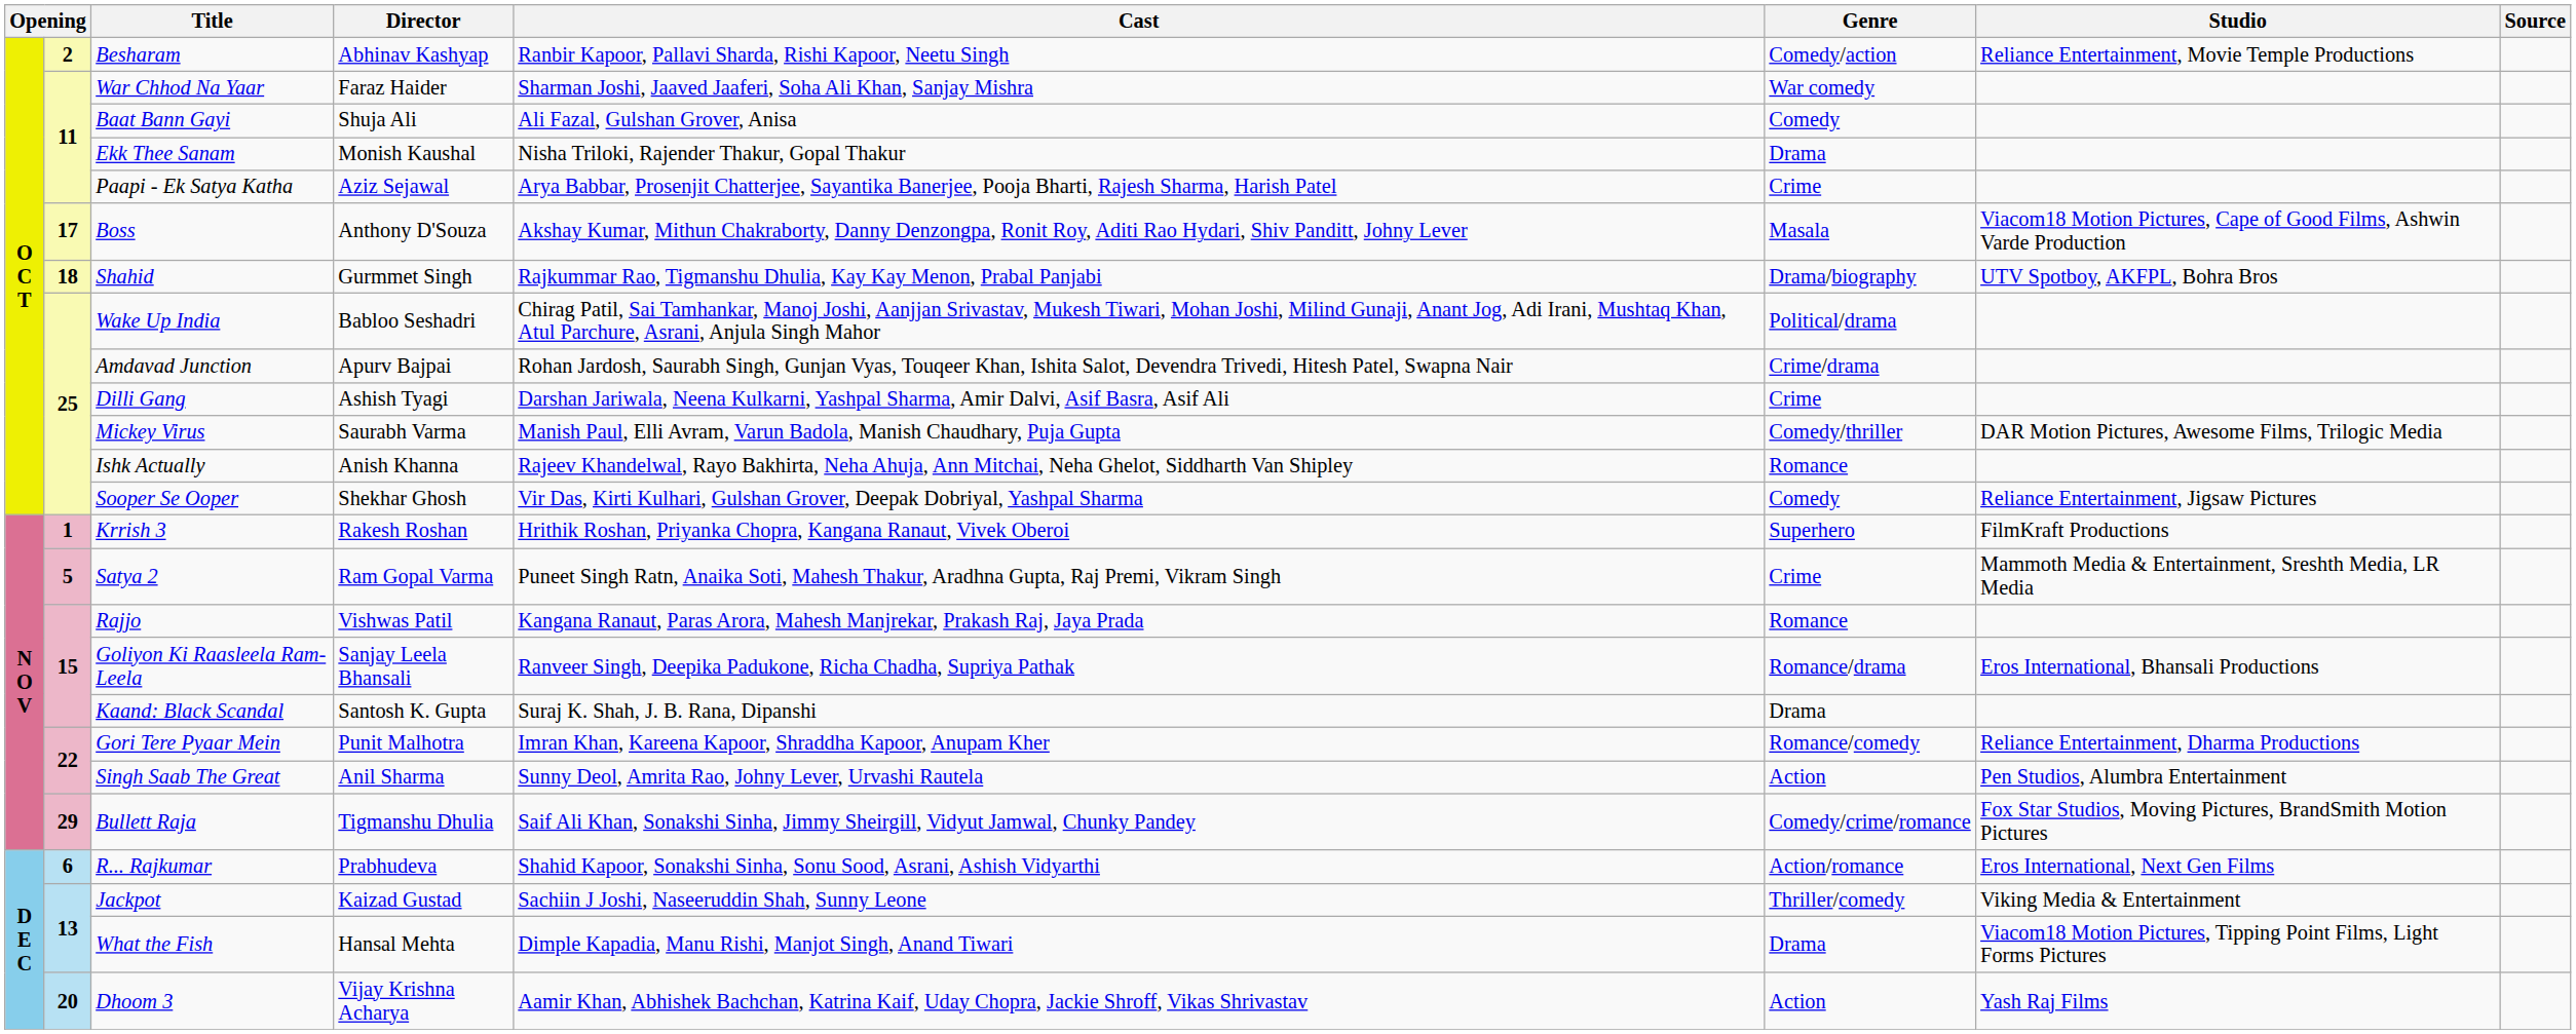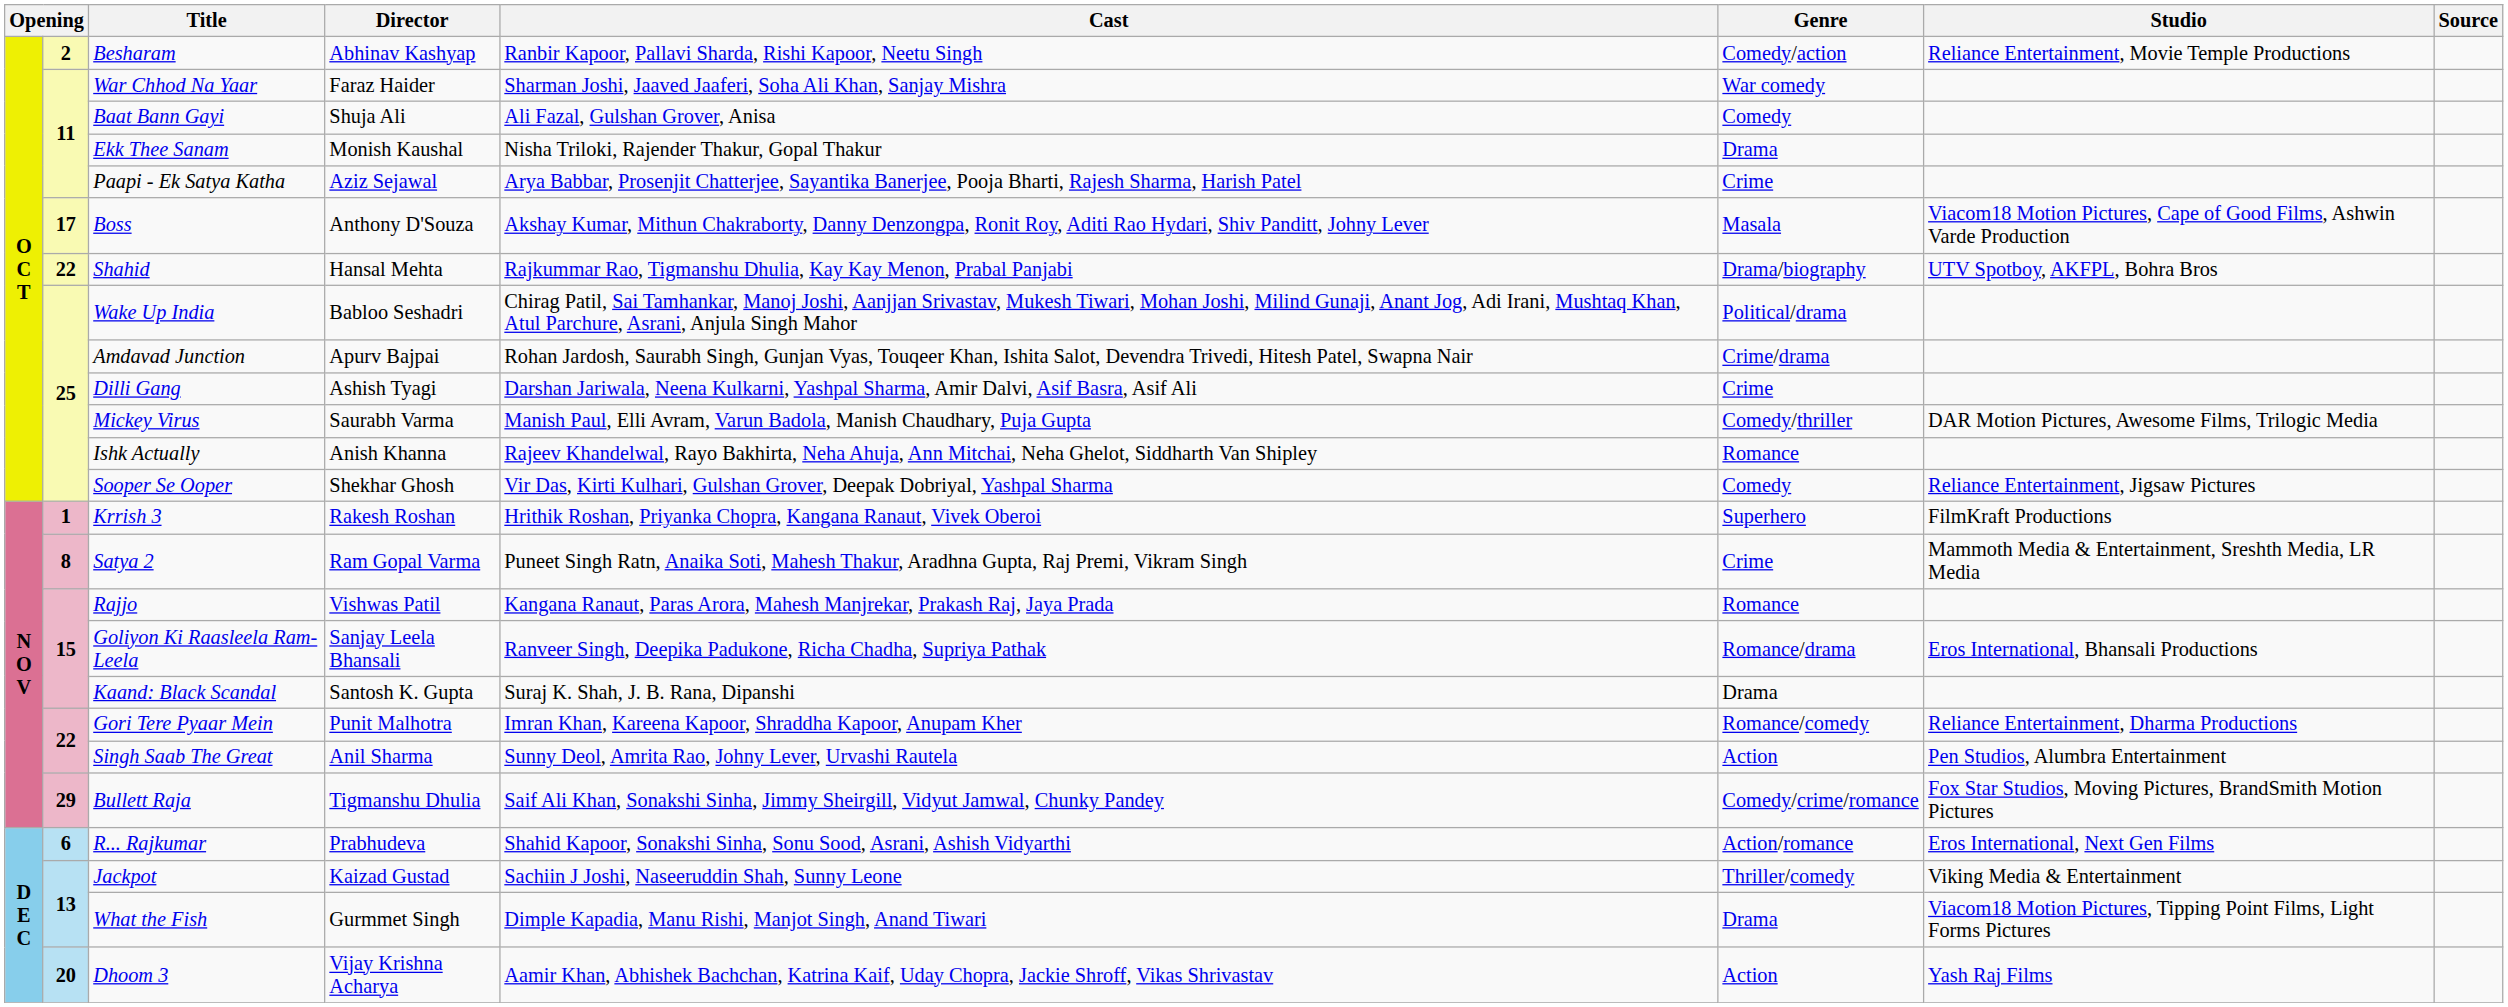 <table class="wikitable sortable">
 <tr>
 <th colspan="2">Opening</th>
 <th>Title</th>
 <th>Director</th>
 <th>Cast</th>
 <th>Genre</th>
 <th>Studio</th>
 <th>Source</th>
 </tr>
 <tr>
 <td rowspan="13" style="text-align:center; background:#eef003;"><strong>O<br>C<br>T</strong></td>
 <td style="text-align:center; background:#f9fab3;"><strong>2</strong></td>
 <td><em><a href='#'>Besharam</a></em></td>
 <td><a href='#'>Abhinav Kashyap</a></td>
 <td><a href='#'>Ranbir Kapoor</a>, <a href='#'>Pallavi Sharda</a>, <a href='#'>Rishi Kapoor</a>, <a href='#'>Neetu Singh</a></td>
 <td><a href='#'>Comedy</a>/<a href='#'>action</a></td>
 <td><a href='#'>Reliance Entertainment</a>, Movie Temple Productions</td>
 <td style="text-align:center;"></td>
 </tr>
 <tr>
 <td rowspan="4" style="text-align:center; textcolor:#000; background:#f9fab3;"><strong>11</strong></td>
 <td><em><a href='#'>War Chhod Na Yaar</a></em></td>
 <td>Faraz Haider</td>
 <td><a href='#'>Sharman Joshi</a>, <a href='#'>Jaaved Jaaferi</a>, <a href='#'>Soha Ali Khan</a>, <a href='#'>Sanjay Mishra</a></td>
 <td><a href='#'>War comedy</a></td>
 <td></td>
 <td style="text-align:center;"></td>
 </tr>
 <tr>
 <td><em><a href='#'>Baat Bann Gayi</a></em></td>
 <td>Shuja Ali</td>
 <td><a href='#'>Ali Fazal</a>, <a href='#'>Gulshan Grover</a>, Anisa</td>
 <td><a href='#'>Comedy</a></td>
 <td></td>
 <td style="text-align:center;"></td>
 </tr>
 <tr>
 <td><em><a href='#'>Ekk Thee Sanam</a></em></td>
 <td>Monish Kaushal</td>
 <td>Nisha Triloki, Rajender Thakur, Gopal Thakur</td>
 <td><a href='#'>Drama</a></td>
 <td></td>
 <td style="text-align:center;"></td>
 </tr>
 <tr>
 <td><em>Paapi - Ek Satya Katha</em></td>
 <td><a href='#'>Aziz Sejawal</a></td>
 <td><a href='#'>Arya Babbar</a>, <a href='#'>Prosenjit Chatterjee</a>, <a href='#'>Sayantika Banerjee</a>, Pooja Bharti, <a href='#'>Rajesh Sharma</a>, <a href='#'>Harish Patel</a></td>
 <td><a href='#'>Crime</a></td>
 <td></td>
 <td style="text-align:center;"></td>
 </tr>
 <tr>
 <td style="text-align:center; textcolor:#000; background:#f9fab3;"><strong>17</strong></td>
 <td><em><a href='#'>Boss</a></em></td>
 <td>Anthony D'Souza</td>
 <td><a href='#'>Akshay Kumar</a>, <a href='#'>Mithun Chakraborty</a>, <a href='#'>Danny Denzongpa</a>, <a href='#'>Ronit Roy</a>, <a href='#'>Aditi Rao Hydari</a>, <a href='#'>Shiv Panditt</a>, <a href='#'>Johny Lever</a></td>
 <td><a href='#'>Masala</a></td>
 <td><a href='#'>Viacom18 Motion Pictures</a>, <a href='#'>Cape of Good Films</a>, Ashwin Varde Production</td>
 <td style="text-align:center;"></td>
 </tr>
 <tr>
-<td style="text-align:center; textcolor:#000; background:#f9fab3;"><strong>18</strong></td>
+<td style="text-align:center; textcolor:#000; background:#f9fab3;"><strong>22</strong></td>
 <td><em><a href='#'>Shahid</a></em></td>
-<td>Gurmmet Singh</td>
+<td>Hansal Mehta</td>
 <td><a href='#'>Rajkummar Rao</a>, <a href='#'>Tigmanshu Dhulia</a>, <a href='#'>Kay Kay Menon</a>, <a href='#'>Prabal Panjabi</a></td>
 <td><a href='#'>Drama</a>/<a href='#'>biography</a></td>
 <td><a href='#'>UTV Spotboy</a>, <a href='#'>AKFPL</a>, Bohra Bros</td>
 <td style="text-align:center;"></td>
 </tr>
 <tr>
 <td rowspan="6" style="text-align:center; textcolor:#000; background:#f9fab3;"><strong>25</strong></td>
 <td><em><a href='#'>Wake Up India</a></em></td>
 <td>Babloo Seshadri</td>
 <td>Chirag Patil, <a href='#'>Sai Tamhankar</a>, <a href='#'>Manoj Joshi</a>, <a href='#'>Aanjjan Srivastav</a>, <a href='#'>Mukesh Tiwari</a>, <a href='#'>Mohan Joshi</a>, <a href='#'>Milind Gunaji</a>, <a href='#'>Anant Jog</a>, Adi Irani, <a href='#'>Mushtaq Khan</a>, <a href='#'>Atul Parchure</a>, <a href='#'>Asrani</a>, Anjula Singh Mahor</td>
 <td><a href='#'>Political</a>/<a href='#'>drama</a></td>
 <td></td>
 <td style="text-align:center;"></td>
 </tr>
 <tr>
 <td><em>Amdavad Junction</em></td>
 <td>Apurv Bajpai</td>
 <td>Rohan Jardosh, Saurabh Singh, Gunjan Vyas, Touqeer Khan, Ishita Salot, Devendra Trivedi, Hitesh Patel, Swapna Nair</td>
 <td><a href='#'>Crime</a>/<a href='#'>drama</a></td>
 <td></td>
 <td style="text-align:center;"></td>
 </tr>
 <tr>
 <td><em><a href='#'>Dilli Gang</a></em></td>
 <td>Ashish Tyagi</td>
 <td><a href='#'>Darshan Jariwala</a>, <a href='#'>Neena Kulkarni</a>, <a href='#'>Yashpal Sharma</a>, Amir Dalvi, <a href='#'>Asif Basra</a>, Asif Ali</td>
 <td><a href='#'>Crime</a></td>
 <td></td>
 <td style="text-align:center;"></td>
 </tr>
 <tr>
 <td><em><a href='#'>Mickey Virus</a></em></td>
 <td>Saurabh Varma</td>
 <td><a href='#'>Manish Paul</a>, Elli Avram, <a href='#'>Varun Badola</a>, Manish Chaudhary, <a href='#'>Puja Gupta</a></td>
 <td><a href='#'>Comedy</a>/<a href='#'>thriller</a></td>
 <td>DAR Motion Pictures, Awesome Films, Trilogic Media</td>
 <td style="text-align:center;"></td>
 </tr>
 <tr>
 <td><em>Ishk Actually</em></td>
 <td>Anish Khanna</td>
 <td><a href='#'>Rajeev Khandelwal</a>, Rayo Bakhirta, <a href='#'>Neha Ahuja</a>, <a href='#'>Ann Mitchai</a>, Neha Ghelot, Siddharth Van Shipley</td>
 <td><a href='#'>Romance</a></td>
 <td></td>
 <td style="text-align:center;"></td>
 </tr>
 <tr>
 <td><em><a href='#'>Sooper Se Ooper</a></em></td>
 <td>Shekhar Ghosh</td>
 <td><a href='#'>Vir Das</a>, <a href='#'>Kirti Kulhari</a>, <a href='#'>Gulshan Grover</a>, Deepak Dobriyal, <a href='#'>Yashpal Sharma</a></td>
 <td><a href='#'>Comedy</a></td>
 <td><a href='#'>Reliance Entertainment</a>, Jigsaw Pictures</td>
 <td style="text-align:center;"></td>
 </tr>
 <tr>
 <td rowspan="8" style="text-align:center; background:#db7093;"><strong>N<br>O<br>V</strong></td>
 <td style="text-align:center; textcolor:#000; background:#edb7c9;"><strong>1</strong></td>
 <td><em><a href='#'>Krrish 3</a></em></td>
 <td><a href='#'>Rakesh Roshan</a></td>
 <td><a href='#'>Hrithik Roshan</a>, <a href='#'>Priyanka Chopra</a>, <a href='#'>Kangana Ranaut</a>, <a href='#'>Vivek Oberoi</a></td>
 <td><a href='#'>Superhero</a></td>
 <td>FilmKraft Productions</td>
 <td style="text-align:center;"></td>
 </tr>
 <tr>
-<td style="text-align:center; textcolor:#000; background:#edb7c9;"><strong>5</strong></td>
+<td style="text-align:center; textcolor:#000; background:#edb7c9;"><strong>8</strong></td>
 <td><em><a href='#'>Satya 2</a></em></td>
 <td><a href='#'>Ram Gopal Varma</a></td>
 <td>Puneet Singh Ratn, <a href='#'>Anaika Soti</a>, <a href='#'>Mahesh Thakur</a>, Aradhna Gupta, Raj Premi, Vikram Singh</td>
 <td><a href='#'>Crime</a></td>
 <td>Mammoth Media & Entertainment, Sreshth Media, LR Media</td>
 <td style="text-align:center;"></td>
 </tr>
 <tr>
 <td rowspan="3" style="text-align:center; textcolor:#000; background:#edb7c9;"><strong>15</strong></td>
 <td><em><a href='#'>Rajjo</a></em></td>
 <td><a href='#'>Vishwas Patil</a></td>
 <td><a href='#'>Kangana Ranaut</a>, <a href='#'>Paras Arora</a>, <a href='#'>Mahesh Manjrekar</a>, <a href='#'>Prakash Raj</a>, <a href='#'>Jaya Prada</a></td>
 <td><a href='#'>Romance</a></td>
 <td></td>
 <td style="text-align:center;"></td>
 </tr>
 <tr>
 <td><em><a href='#'>Goliyon Ki Raasleela Ram-Leela</a></em></td>
 <td><a href='#'>Sanjay Leela Bhansali</a></td>
 <td><a href='#'>Ranveer Singh</a>, <a href='#'>Deepika Padukone</a>, <a href='#'>Richa Chadha</a>, <a href='#'>Supriya Pathak</a></td>
 <td><a href='#'>Romance</a>/<a href='#'>drama</a></td>
 <td><a href='#'>Eros International</a>, Bhansali Productions</td>
 <td style="text-align:center;"></td>
 </tr>
 <tr>
 <td><em><a href='#'>Kaand: Black Scandal</a></em></td>
 <td>Santosh K. Gupta</td>
 <td>Suraj K. Shah, J. B. Rana, Dipanshi</td>
 <td>Drama</td>
 <td></td>
 <td></td>
 </tr>
 <tr>
 <td rowspan="2" style="text-align:center; textcolor:#000; background:#edb7c9;"><strong>22</strong></td>
 <td><em><a href='#'>Gori Tere Pyaar Mein</a></em></td>
 <td><a href='#'>Punit Malhotra</a></td>
 <td><a href='#'>Imran Khan</a>, <a href='#'>Kareena Kapoor</a>, <a href='#'>Shraddha Kapoor</a>, <a href='#'>Anupam Kher</a></td>
 <td><a href='#'>Romance</a>/<a href='#'>comedy</a></td>
 <td><a href='#'>Reliance Entertainment</a>, <a href='#'>Dharma Productions</a></td>
 <td style="text-align:center;"></td>
 </tr>
 <tr>
 <td><em><a href='#'>Singh Saab The Great</a></em></td>
 <td><a href='#'>Anil Sharma</a></td>
 <td><a href='#'>Sunny Deol</a>, <a href='#'>Amrita Rao</a>, <a href='#'>Johny Lever</a>, <a href='#'>Urvashi Rautela</a></td>
 <td><a href='#'>Action</a></td>
 <td><a href='#'>Pen Studios</a>, Alumbra Entertainment</td>
 <td style="text-align:center;"></td>
 </tr>
 <tr>
 <td style="text-align:center; textcolor:#000; background:#edb7c9;"><strong>29</strong></td>
 <td><em><a href='#'>Bullett Raja</a></em></td>
 <td><a href='#'>Tigmanshu Dhulia</a></td>
 <td><a href='#'>Saif Ali Khan</a>, <a href='#'>Sonakshi Sinha</a>, <a href='#'>Jimmy Sheirgill</a>, <a href='#'>Vidyut Jamwal</a>, <a href='#'>Chunky Pandey</a></td>
 <td><a href='#'>Comedy</a>/<a href='#'>crime</a>/<a href='#'>romance</a></td>
 <td><a href='#'>Fox Star Studios</a>, Moving Pictures, BrandSmith Motion Pictures</td>
 <td style="text-align:center;"></td>
 </tr>
 <tr>
 <td rowspan="4" style="text-align:center; background:skyBlue;"><strong>D<br>E<br>C</strong></td>
 <td style="text-align:center; textcolor:#000; background:#b7e1f3;"><strong>6</strong></td>
 <td><em><a href='#'>R... Rajkumar</a></em></td>
 <td><a href='#'>Prabhudeva</a></td>
 <td><a href='#'>Shahid Kapoor</a>, <a href='#'>Sonakshi Sinha</a>, <a href='#'>Sonu Sood</a>, <a href='#'>Asrani</a>, <a href='#'>Ashish Vidyarthi</a></td>
 <td><a href='#'>Action</a>/<a href='#'>romance</a></td>
 <td><a href='#'>Eros International</a>, <a href='#'>Next Gen Films</a></td>
 <td style="text-align:center;"></td>
 </tr>
 <tr>
 <td rowspan="2" style="text-align:center; textcolor:#000; background:#b7e1f3;"><strong>13</strong></td>
 <td><em><a href='#'>Jackpot</a></em></td>
 <td><a href='#'>Kaizad Gustad</a></td>
 <td><a href='#'>Sachiin J Joshi</a>, <a href='#'>Naseeruddin Shah</a>, <a href='#'>Sunny Leone</a></td>
 <td><a href='#'>Thriller</a>/<a href='#'>comedy</a></td>
 <td>Viking Media & Entertainment</td>
 <td style="text-align:center;"></td>
 </tr>
 <tr>
 <td><em><a href='#'>What the Fish</a></em></td>
-<td>Hansal Mehta</td>
+<td>Gurmmet Singh</td>
 <td><a href='#'>Dimple Kapadia</a>, <a href='#'>Manu Rishi</a>, <a href='#'>Manjot Singh</a>, <a href='#'>Anand Tiwari</a></td>
 <td><a href='#'>Drama</a></td>
 <td><a href='#'>Viacom18 Motion Pictures</a>, Tipping Point Films, Light Forms Pictures</td>
 <td style="text-align:center;"></td>
 </tr>
 <tr>
 <td rowspan="2" style="text-align:center; textcolor:#000; background:#b7e1f3;"><strong>20</strong></td>
 <td><em><a href='#'>Dhoom 3</a></em></td>
 <td><a href='#'>Vijay Krishna Acharya</a></td>
 <td><a href='#'>Aamir Khan</a>, <a href='#'>Abhishek Bachchan</a>, <a href='#'>Katrina Kaif</a>, <a href='#'>Uday Chopra</a>, <a href='#'>Jackie Shroff</a>, <a href='#'>Vikas Shrivastav</a></td>
 <td><a href='#'>Action</a></td>
 <td><a href='#'>Yash Raj Films</a></td>
 <td style="text-align:center;"></td>
 </tr>
 </table>
